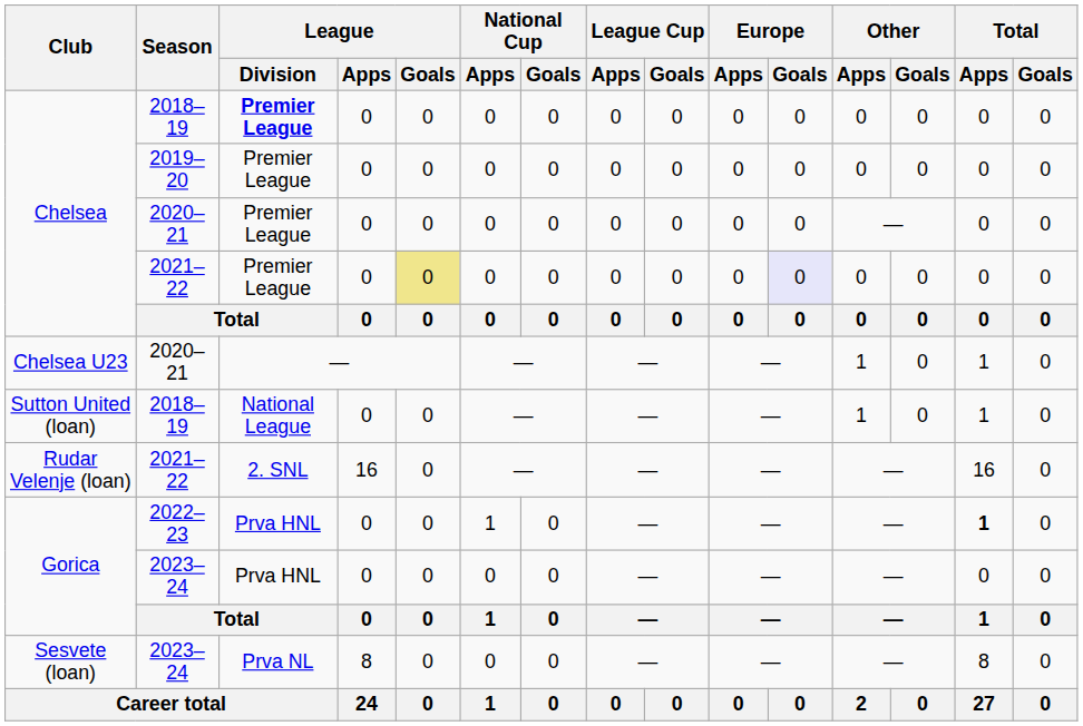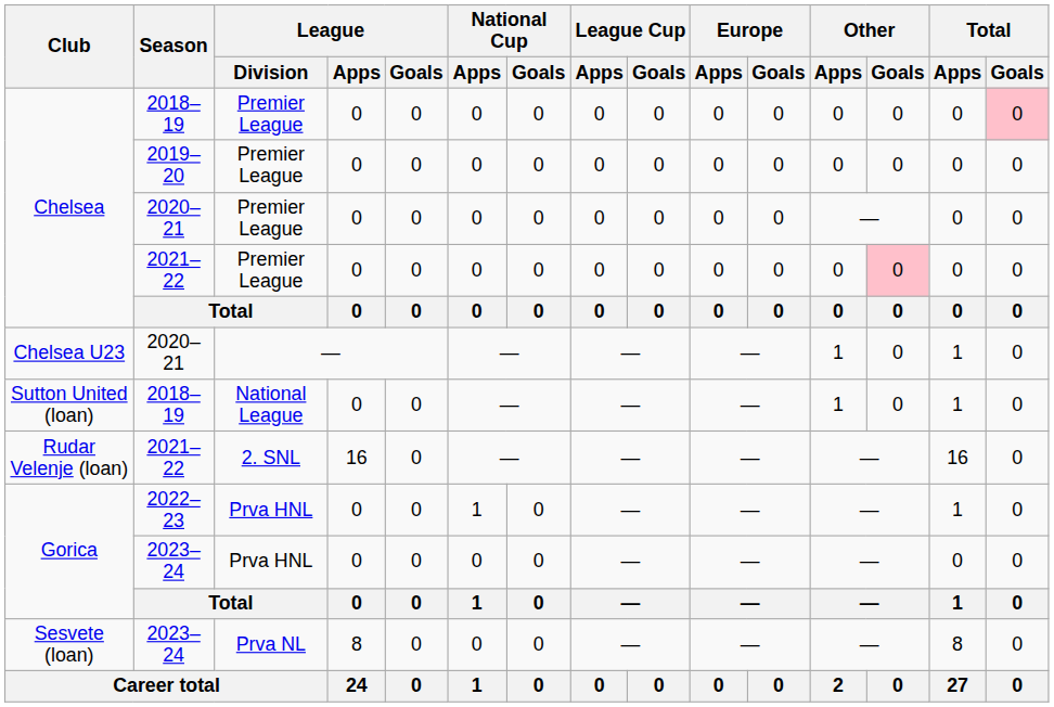 <table class="wikitable" style="text-align:center">
 <tr>
 <th rowspan="2">Club</th>
 <th rowspan="2">Season</th>
 <th colspan="3">League</th>
 <th colspan="2">National Cup</th>
 <th colspan="2">League Cup</th>
 <th colspan="2">Europe</th>
 <th colspan="2">Other</th>
 <th colspan="2">Total</th>
 </tr>
 <tr>
 <th>Division</th>
 <th>Apps</th>
 <th>Goals</th>
 <th>Apps</th>
 <th>Goals</th>
 <th>Apps</th>
 <th>Goals</th>
 <th>Apps</th>
 <th>Goals</th>
 <th>Apps</th>
 <th>Goals</th>
 <th>Apps</th>
 <th>Goals</th>
 </tr>
 <tr>
 <td rowspan="5"><a href='#'>Chelsea</a></td>
 <td><a href='#'>2018–19</a></td>
-<td><strong><a href='#'>Premier League</a></strong></td>
+<td><a href='#'>Premier League</a></td>
 <td>0</td>
 <td>0</td>
 <td>0</td>
 <td>0</td>
 <td>0</td>
 <td>0</td>
 <td>0</td>
 <td>0</td>
 <td>0</td>
 <td>0</td>
 <td>0</td>
-<td>0</td>
+<td style="background: pink;">0</td>
 </tr>
 <tr>
 <td><a href='#'>2019–20</a></td>
 <td>Premier League</td>
 <td>0</td>
 <td>0</td>
 <td>0</td>
 <td>0</td>
 <td>0</td>
 <td>0</td>
 <td>0</td>
 <td>0</td>
 <td>0</td>
 <td>0</td>
 <td>0</td>
 <td>0</td>
 </tr>
 <tr>
 <td><a href='#'>2020–21</a></td>
 <td>Premier League</td>
 <td>0</td>
 <td>0</td>
 <td>0</td>
 <td>0</td>
 <td>0</td>
 <td>0</td>
 <td>0</td>
 <td>0</td>
 <td colspan="2">—</td>
 <td>0</td>
 <td>0</td>
 </tr>
 <tr>
 <td><a href='#'>2021–22</a></td>
 <td>Premier League</td>
 <td>0</td>
-<td style="background: khaki;">0</td>
 <td>0</td>
 <td>0</td>
 <td>0</td>
 <td>0</td>
 <td>0</td>
-<td style="background: lavender;">0</td>
 <td>0</td>
 <td>0</td>
+<td>0</td>
+<td style="background: pink;">0</td>
 <td>0</td>
 <td>0</td>
 </tr>
 <tr>
 <th colspan="2">Total</th>
 <th>0</th>
 <th>0</th>
 <th>0</th>
 <th>0</th>
 <th>0</th>
 <th>0</th>
 <th>0</th>
 <th>0</th>
 <th>0</th>
 <th>0</th>
 <th>0</th>
 <th>0</th>
 </tr>
 <tr>
 <td><a href='#'>Chelsea U23</a></td>
 <td>2020–21</td>
 <td colspan="3">—</td>
 <td colspan="2">—</td>
 <td colspan="2">—</td>
 <td colspan="2">—</td>
 <td>1</td>
 <td>0</td>
 <td>1</td>
 <td>0</td>
 </tr>
 <tr>
 <td><a href='#'>Sutton United</a> (loan)</td>
 <td><a href='#'>2018–19</a></td>
 <td><a href='#'>National League</a></td>
 <td>0</td>
 <td>0</td>
 <td colspan="2">—</td>
 <td colspan="2">—</td>
 <td colspan="2">—</td>
 <td>1</td>
 <td>0</td>
 <td>1</td>
 <td>0</td>
 </tr>
 <tr>
 <td><a href='#'>Rudar Velenje</a> (loan)</td>
 <td><a href='#'>2021–22</a></td>
 <td><a href='#'>2. SNL</a></td>
 <td>16</td>
 <td>0</td>
 <td colspan="2">—</td>
 <td colspan="2">—</td>
 <td colspan="2">—</td>
 <td colspan="2">—</td>
 <td>16</td>
 <td>0</td>
 </tr>
 <tr>
 <td rowspan="3"><a href='#'>Gorica</a></td>
 <td><a href='#'>2022–23</a></td>
 <td><a href='#'>Prva HNL</a></td>
 <td>0</td>
 <td>0</td>
 <td>1</td>
 <td>0</td>
 <td colspan="2">—</td>
 <td colspan="2">—</td>
 <td colspan="2">—</td>
-<td><strong>1</strong></td>
+<td>1</td>
 <td>0</td>
 </tr>
 <tr>
 <td><a href='#'>2023–24</a></td>
 <td>Prva HNL</td>
 <td>0</td>
 <td>0</td>
 <td>0</td>
 <td>0</td>
 <td colspan="2">—</td>
 <td colspan="2">—</td>
 <td colspan="2">—</td>
 <td>0</td>
 <td>0</td>
 </tr>
 <tr>
 <th colspan="2">Total</th>
 <th>0</th>
 <th>0</th>
 <th>1</th>
 <th>0</th>
 <th colspan="2">—</th>
 <th colspan="2">—</th>
 <th colspan="2">—</th>
 <th>1</th>
 <th>0</th>
 </tr>
 <tr>
 <td><a href='#'>Sesvete</a> (loan)</td>
 <td><a href='#'>2023–24</a></td>
 <td><a href='#'>Prva NL</a></td>
 <td>8</td>
 <td>0</td>
 <td>0</td>
 <td>0</td>
 <td colspan="2">—</td>
 <td colspan="2">—</td>
 <td colspan="2">—</td>
 <td>8</td>
 <td>0</td>
 </tr>
 <tr>
 <th colspan=3>Career total</th>
 <th>24</th>
 <th>0</th>
 <th>1</th>
 <th>0</th>
 <th>0</th>
 <th>0</th>
 <th>0</th>
 <th>0</th>
 <th>2</th>
 <th>0</th>
 <th>27</th>
 <th>0</th>
 </tr>
 </table>
